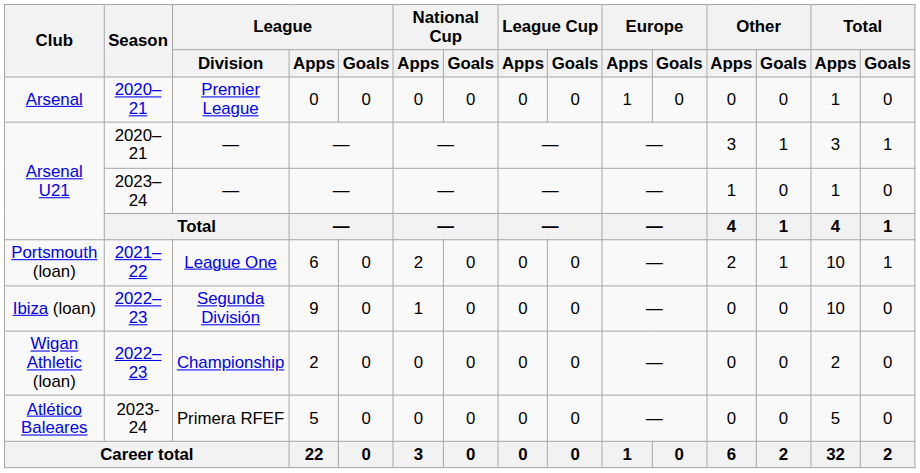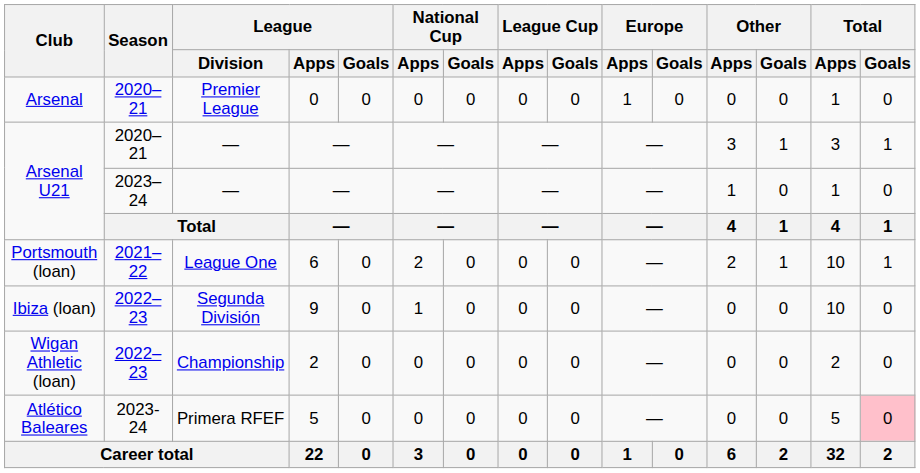 <table class=wikitable style="text-align: center">
 <tr>
 <th rowspan=2>Club</th>
 <th rowspan=2>Season</th>
 <th colspan=3>League</th>
 <th colspan=2>National Cup</th>
 <th colspan=2>League Cup</th>
 <th colspan=2>Europe</th>
 <th colspan=2>Other</th>
 <th colspan=2>Total</th>
 </tr>
 <tr>
 <th>Division</th>
 <th>Apps</th>
 <th>Goals</th>
 <th>Apps</th>
 <th>Goals</th>
 <th>Apps</th>
 <th>Goals</th>
 <th>Apps</th>
 <th>Goals</th>
 <th>Apps</th>
 <th>Goals</th>
 <th>Apps</th>
 <th>Goals</th>
 </tr>
 <tr>
 <td><a href='#'>Arsenal</a></td>
 <td><a href='#'>2020–21</a></td>
 <td><a href='#'>Premier League</a></td>
 <td>0</td>
 <td>0</td>
 <td>0</td>
 <td>0</td>
 <td>0</td>
 <td>0</td>
 <td>1</td>
 <td>0</td>
 <td>0</td>
 <td>0</td>
 <td>1</td>
 <td>0</td>
 </tr>
 <tr>
 <td rowspan="3"><a href='#'>Arsenal U21</a></td>
 <td>2020–21</td>
 <td>—</td>
 <td colspan="2">—</td>
 <td colspan="2">—</td>
 <td colspan="2">—</td>
 <td colspan="2">—</td>
 <td>3</td>
 <td>1</td>
 <td>3</td>
 <td>1</td>
 </tr>
 <tr>
 <td>2023–24</td>
 <td>—</td>
 <td colspan="2">—</td>
 <td colspan="2">—</td>
 <td colspan="2">—</td>
 <td colspan="2">—</td>
 <td>1</td>
 <td>0</td>
 <td>1</td>
 <td>0</td>
 </tr>
 <tr>
 <th colspan="2">Total</th>
 <th colspan="2">—</th>
 <th colspan="2">—</th>
 <th colspan="2">—</th>
 <th colspan="2">—</th>
 <th>4</th>
 <th>1</th>
 <th>4</th>
 <th>1</th>
 </tr>
 <tr>
 <td><a href='#'>Portsmouth</a> (loan)</td>
 <td><a href='#'>2021–22</a></td>
 <td><a href='#'>League One</a></td>
 <td>6</td>
 <td>0</td>
 <td>2</td>
 <td>0</td>
 <td>0</td>
 <td>0</td>
 <td colspan="2">—</td>
 <td>2</td>
 <td>1</td>
 <td>10</td>
 <td>1</td>
 </tr>
 <tr>
 <td><a href='#'>Ibiza</a> (loan)</td>
 <td><a href='#'>2022–23</a></td>
 <td><a href='#'>Segunda División</a></td>
 <td>9</td>
 <td>0</td>
 <td>1</td>
 <td>0</td>
 <td>0</td>
 <td>0</td>
 <td colspan="2">—</td>
 <td>0</td>
 <td>0</td>
 <td>10</td>
 <td>0</td>
 </tr>
 <tr>
 <td><a href='#'>Wigan Athletic</a> (loan)</td>
 <td><a href='#'>2022–23</a></td>
 <td><a href='#'>Championship</a></td>
 <td>2</td>
 <td>0</td>
 <td>0</td>
 <td>0</td>
 <td>0</td>
 <td>0</td>
 <td colspan="2">—</td>
 <td>0</td>
 <td>0</td>
 <td>2</td>
 <td>0</td>
 </tr>
 <tr>
 <td><a href='#'>Atlético Baleares</a></td>
 <td>2023-24</td>
 <td>Primera RFEF</td>
 <td>5</td>
 <td>0</td>
 <td>0</td>
 <td>0</td>
 <td>0</td>
 <td>0</td>
 <td colspan="2">—</td>
 <td>0</td>
 <td>0</td>
 <td>5</td>
-<td>0</td>
+<td style="background: pink;">0</td>
 </tr>
 <tr>
 <th colspan=3>Career total</th>
 <th>22</th>
 <th>0</th>
 <th>3</th>
 <th>0</th>
 <th>0</th>
 <th>0</th>
 <th>1</th>
 <th>0</th>
 <th>6</th>
 <th>2</th>
 <th>32</th>
 <th>2</th>
 </tr>
 </table>
